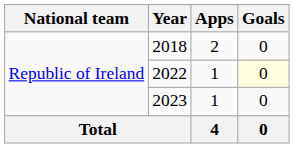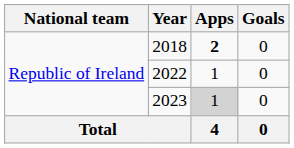 <table class="wikitable" style="text-align:center">
 <tr>
 <th>National team</th>
 <th>Year</th>
 <th>Apps</th>
 <th>Goals</th>
 </tr>
 <tr>
 <td rowspan="3"><a href='#'>Republic of Ireland</a></td>
 <td>2018</td>
-<td>2</td>
+<td><strong>2</strong></td>
 <td>0</td>
 </tr>
 <tr>
 <td>2022</td>
 <td>1</td>
-<td style="background: lightyellow;">0</td>
+<td>0</td>
 </tr>
 <tr>
 <td>2023</td>
-<td>1</td>
+<td style="background: lightgrey;">1</td>
 <td>0</td>
 </tr>
 <tr>
 <th colspan="2">Total</th>
 <th>4</th>
 <th>0</th>
 </tr>
 </table>
